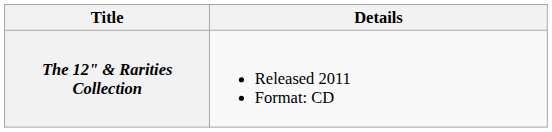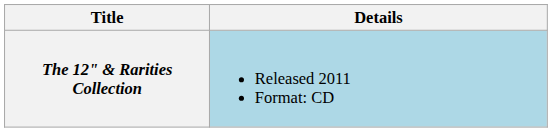 <table class="wikitable plainrowheaders">
 <tr>
 <th scope="col" style="width:12em;">Title</th>
 <th scope="col" style="width:20em;">Details</th>
 </tr>
 <tr>
 <th scope="row"><em>The 12" & Rarities Collection</em></th>
-<td><br><ul><li>Released 2011</li><li>Format: CD</li></ul></td>
+<td style="background: lightblue;"><br><ul><li>Released 2011</li><li>Format: CD</li></ul></td>
 </tr>
 </table>
